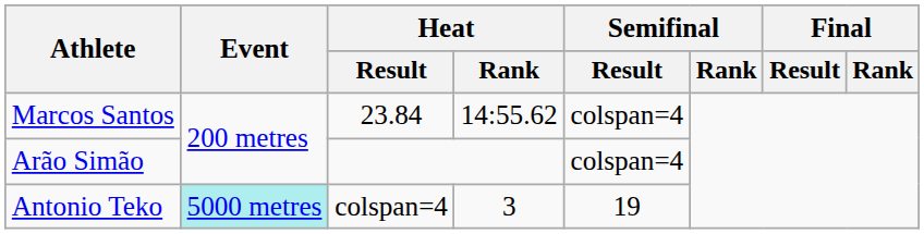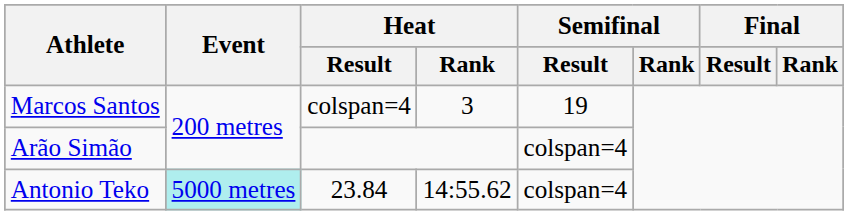 <table class="wikitable" style="font-size:90%">
 <tr>
 <th rowspan="2">Athlete</th>
 <th rowspan="2">Event</th>
 <th colspan="2">Heat</th>
 <th colspan="2">Semifinal</th>
 <th colspan="2">Final</th>
 </tr>
 <tr style="font-size:95%">
 <th>Result</th>
 <th>Rank</th>
 <th>Result</th>
 <th>Rank</th>
 <th>Result</th>
 <th>Rank</th>
 </tr>
 <tr align=center>
 <td align=left><a href='#'>Marcos Santos</a></td>
 <td align=left rowspan=2><a href='#'>200 metres</a></td>
-<td>23.84</td>
-<td>14:55.62</td>
 <td>colspan=4 </td>
+<td>3</td>
+<td>19</td>
 </tr>
 <tr align=center>
 <td align=left><a href='#'>Arão Simão</a></td>
 <td colspan=2></td>
 <td>colspan=4 </td>
 </tr>
 <tr align=center>
 <td align=left><a href='#'>Antonio Teko</a></td>
 <td align=left style="background: paleturquoise;"><a href='#'>5000 metres</a></td>
+<td>23.84</td>
+<td>14:55.62</td>
 <td>colspan=4 </td>
-<td>3</td>
-<td>19</td>
 </tr>
 </table>
